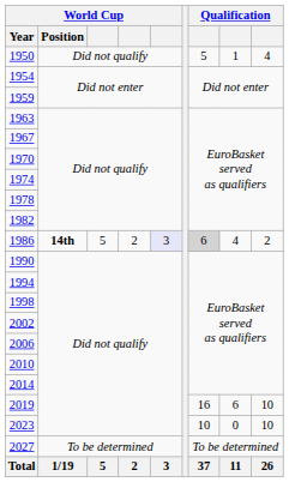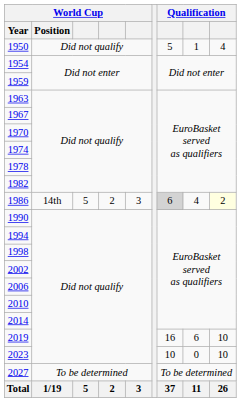 <table class="wikitable" style="text-align: center;font-size:90%;">
 <tr>
 <th colspan=5><a href='#'>World Cup</a></th>
 <th rowspan=23></th>
 <th colspan=3><a href='#'>Qualification</a></th>
 </tr>
 <tr>
 <th>Year</th>
 <th>Position</th>
 <th width=30></th>
 <th width=30></th>
 <th width=30></th>
 <th width=30></th>
 <th width=30></th>
 <th width=30></th>
 </tr>
 <tr>
 <td> <a href='#'>1950</a></td>
 <td colspan=4><em>Did not qualify</em></td>
 <td>5</td>
 <td>1</td>
 <td>4</td>
 </tr>
 <tr>
 <td> <a href='#'>1954</a></td>
 <td colspan=4 rowspan=2><em>Did not enter</em></td>
 <td colspan=3 rowspan=2><em>Did not enter</em></td>
 </tr>
 <tr>
 <td> <a href='#'>1959</a></td>
 </tr>
 <tr>
 <td> <a href='#'>1963</a></td>
 <td colspan=4 rowspan=6><em>Did not qualify</em></td>
 <td colspan=3 rowspan=6><em>EuroBasket served<br>as qualifiers</em></td>
 </tr>
 <tr>
 <td> <a href='#'>1967</a></td>
 </tr>
 <tr>
 <td> <a href='#'>1970</a></td>
 </tr>
 <tr>
 <td> <a href='#'>1974</a></td>
 </tr>
 <tr>
 <td> <a href='#'>1978</a></td>
 </tr>
 <tr>
 <td> <a href='#'>1982</a></td>
 </tr>
 <tr>
 <td> <a href='#'>1986</a></td>
-<td><strong>14th</strong></td>
+<td>14th</td>
 <td>5</td>
 <td>2</td>
-<td style="background: lavender;">3</td>
+<td>3</td>
 <td style="background: lightgrey;">6</td>
 <td>4</td>
-<td>2</td>
+<td style="background: lightyellow;">2</td>
 </tr>
 <tr>
 <td> <a href='#'>1990</a></td>
 <td colspan=4 rowspan=9><em>Did not qualify</em></td>
 <td colspan=3 rowspan=7><em>EuroBasket served<br>as qualifiers</em></td>
 </tr>
 <tr>
 <td> <a href='#'>1994</a></td>
 </tr>
 <tr>
 <td> <a href='#'>1998</a></td>
 </tr>
 <tr>
 <td> <a href='#'>2002</a></td>
 </tr>
 <tr>
 <td> <a href='#'>2006</a></td>
 </tr>
 <tr>
 <td> <a href='#'>2010</a></td>
 </tr>
 <tr>
 <td> <a href='#'>2014</a></td>
 </tr>
 <tr>
 <td> <a href='#'>2019</a></td>
 <td>16</td>
 <td>6</td>
 <td>10</td>
 </tr>
 <tr>
 <td> <a href='#'>2023</a></td>
 <td>10</td>
 <td>0</td>
 <td>10</td>
 </tr>
 <tr>
 <td> <a href='#'>2027</a></td>
 <td colspan=4><em>To be determined</em></td>
 <td colspan=3><em>To be determined</em></td>
 </tr>
 <tr>
 <th>Total</th>
 <th>1/19</th>
 <th>5</th>
 <th>2</th>
 <th>3</th>
 <th>37</th>
 <th>11</th>
 <th>26</th>
 </tr>
 </table>
